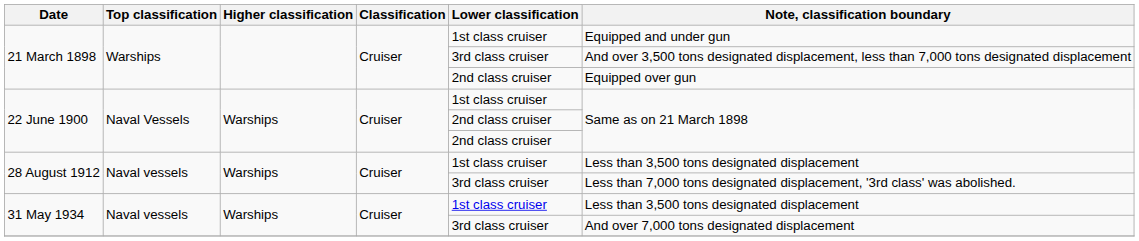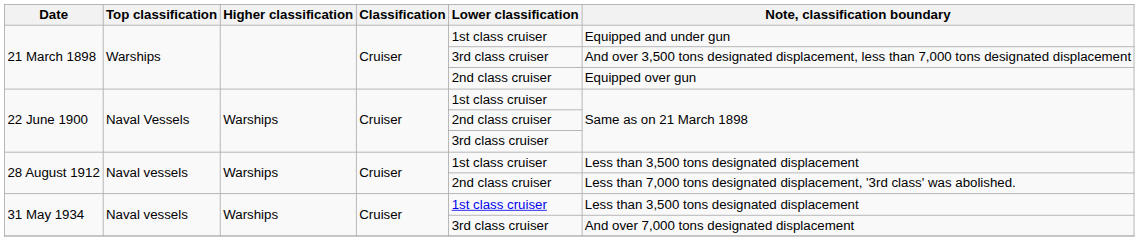 <table class="wikitable">
 <tr>
 <th>Date</th>
 <th>Top classification</th>
 <th>Higher classification</th>
 <th>Classification</th>
 <th>Lower classification</th>
 <th>Note, classification boundary</th>
 </tr>
 <tr>
 <td rowspan="3">21 March 1898</td>
 <td rowspan="3">Warships</td>
 <td rowspan="3"></td>
 <td rowspan="3">Cruiser</td>
 <td>1st class cruiser</td>
 <td>Equipped and under  gun</td>
 </tr>
 <tr>
 <td>3rd class cruiser</td>
 <td>And over 3,500 tons designated displacement, less than 7,000 tons designated displacement</td>
 </tr>
 <tr>
 <td>2nd class cruiser</td>
 <td>Equipped over  gun</td>
 </tr>
 <tr>
 <td rowspan="3">22 June 1900</td>
 <td rowspan="3">Naval Vessels</td>
 <td rowspan="3">Warships</td>
 <td rowspan="3">Cruiser</td>
 <td>1st class cruiser</td>
 <td rowspan="3">Same as on 21 March 1898</td>
 </tr>
 <tr>
 <td>2nd class cruiser</td>
 </tr>
 <tr>
-<td>2nd class cruiser</td>
+<td>3rd class cruiser</td>
 </tr>
 <tr>
 <td rowspan="2">28 August 1912</td>
 <td rowspan="2">Naval vessels</td>
 <td rowspan="2">Warships</td>
 <td rowspan="2">Cruiser</td>
 <td>1st class cruiser</td>
 <td>Less than 3,500 tons designated displacement</td>
 </tr>
 <tr>
-<td>3rd class cruiser</td>
+<td>2nd class cruiser</td>
 <td>Less than 7,000 tons designated displacement, '3rd class' was abolished.</td>
 </tr>
 <tr>
 <td rowspan="2">31 May 1934</td>
 <td rowspan="2">Naval vessels</td>
 <td rowspan="2">Warships</td>
 <td rowspan="2">Cruiser</td>
 <td><a href='#'>1st class cruiser</a></td>
 <td>Less than 3,500 tons designated displacement</td>
 </tr>
 <tr>
 <td>3rd class cruiser</td>
 <td>And over 7,000 tons designated displacement</td>
 </tr>
 <tr>
 </tr>
 </table>
